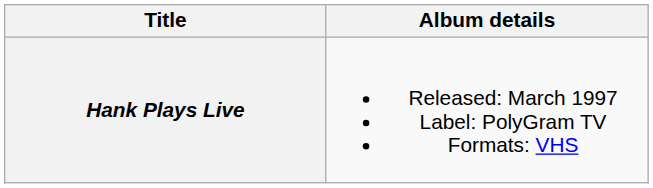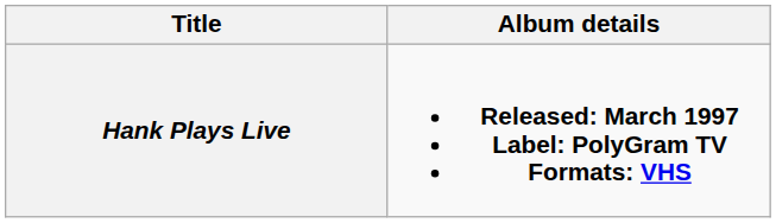 <table class="wikitable plainrowheaders" style="text-align:center;">
 <tr>
 <th scope="col" style="width:15em;">Title</th>
 <th scope="col" style="width:15em;">Album details</th>
 </tr>
 <tr>
 <th scope="row"><em>Hank Plays Live</em></th>
-<td><br><ul><li>Released: March 1997</li><li>Label: PolyGram TV</li><li>Formats: <a href='#'>VHS</a></li></ul></td>
+<td><strong><br><ul><li>Released: March 1997</li><li>Label: PolyGram TV</li><li>Formats: <a href='#'>VHS</a></li></ul></strong></td>
 </tr>
 </table>
